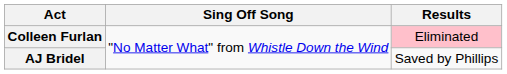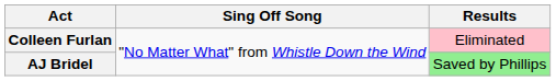 <table class="wikitable plainrowheaders" style="text-align:center;">
 <tr>
 <th scope="col">Act</th>
 <th scope="col">Sing Off Song</th>
 <th scope="col">Results</th>
 </tr>
 <tr>
 <th scope="row">Colleen Furlan</th>
 <td rowspan="3">"<a href='#'>No Matter What</a>" from <em><a href='#'>Whistle Down the Wind</a></em></td>
 <td style="background:pink;">Eliminated</td>
 </tr>
 <tr>
 <th scope="row">AJ Bridel</th>
-<td>Saved by Phillips</td>
+<td style="background: lightgreen;">Saved by Phillips</td>
 </tr>
 </table>
